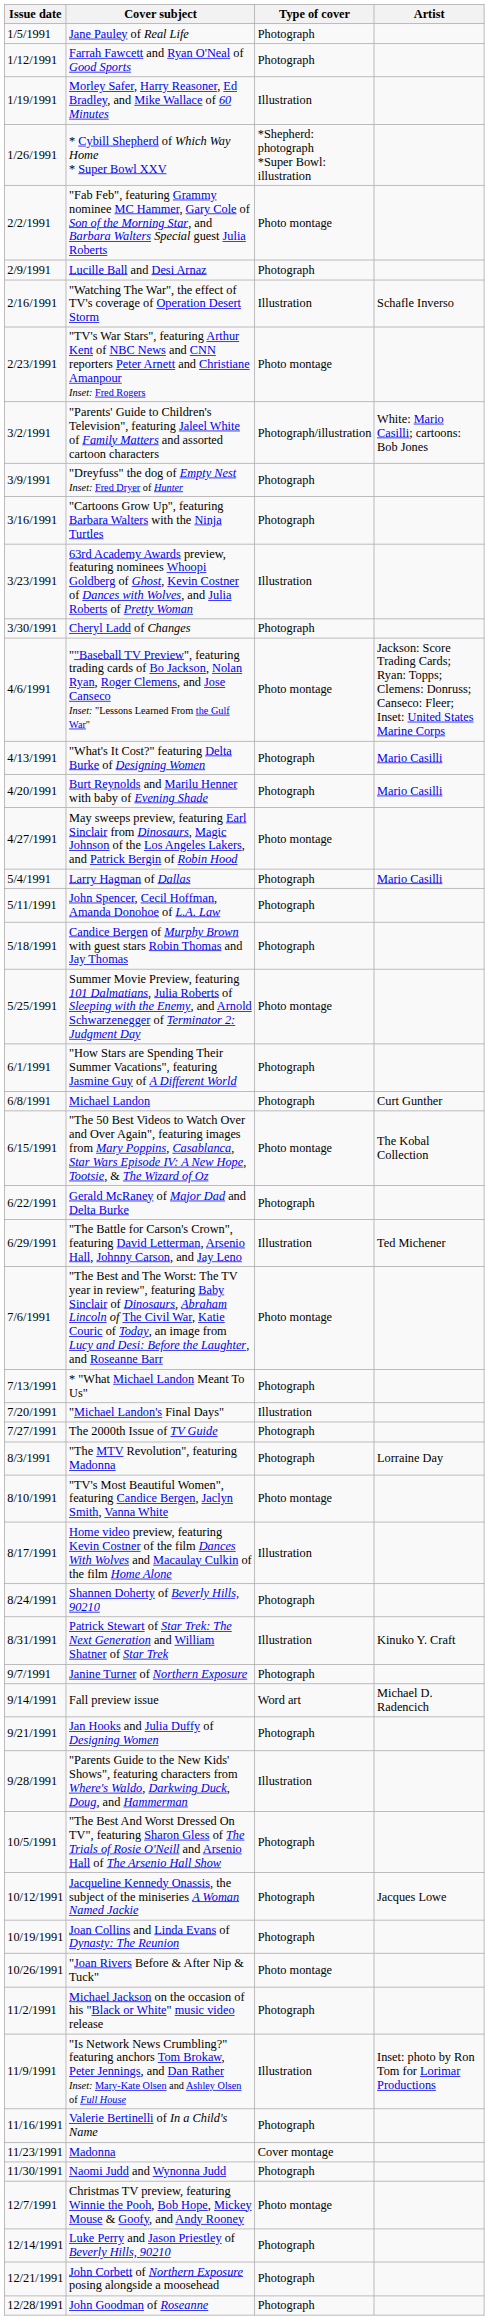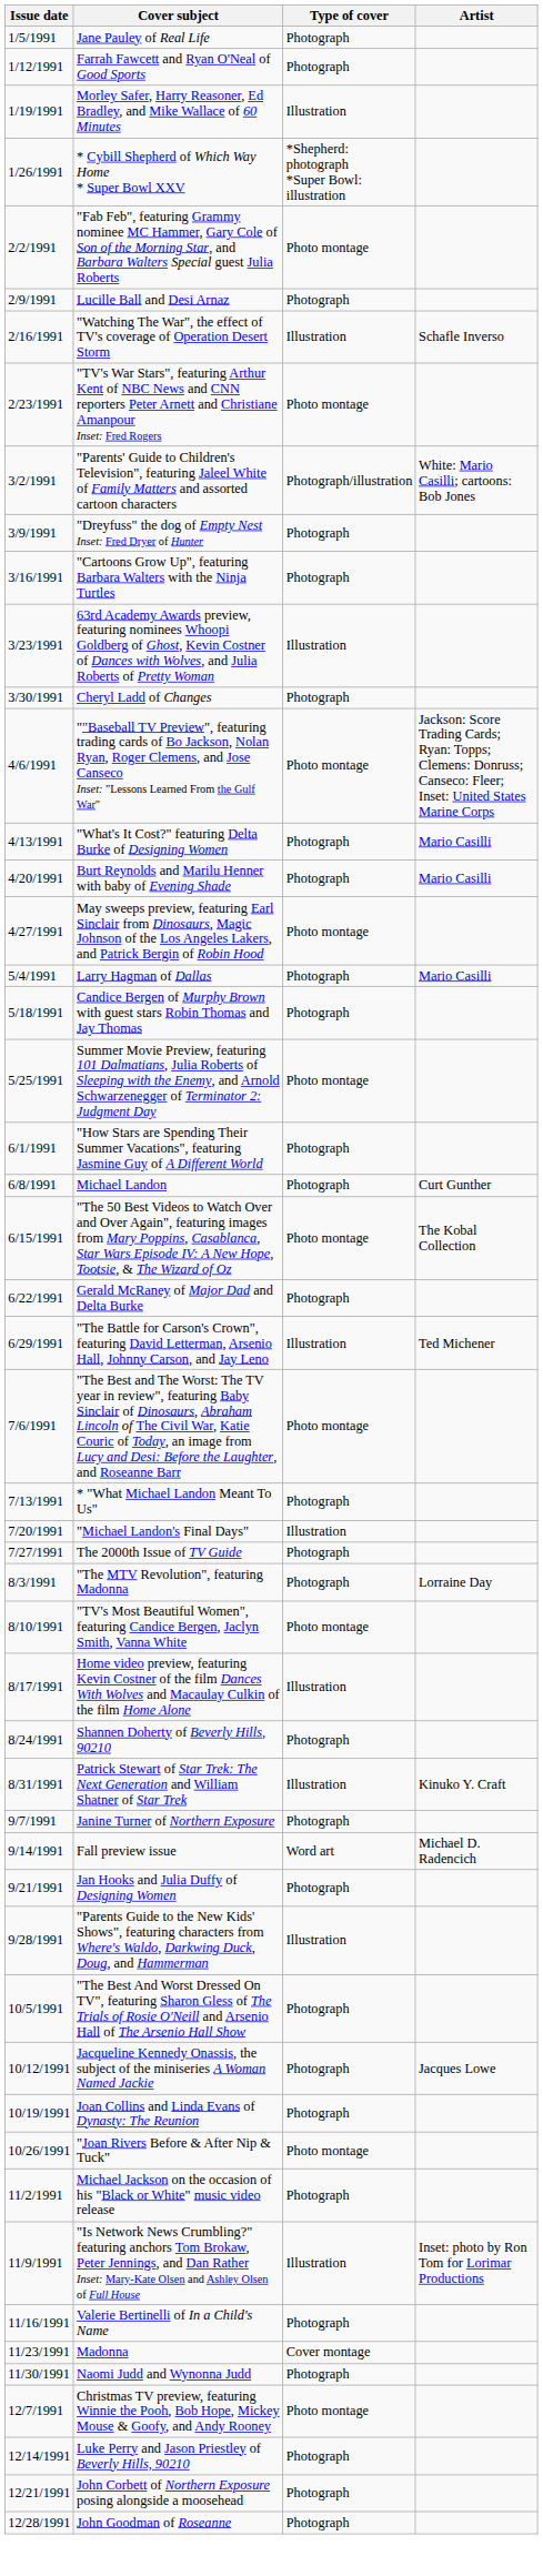 <table class="wikitable sortable" width=100% style="font-size:100%;">
 <tr>
 <th width=6%>Issue date</th>
 <th width=53%>Cover subject</th>
 <th width=12%>Type of cover</th>
 <th width=29%>Artist</th>
 </tr>
 <tr>
 <td>1/5/1991</td>
 <td><a href='#'>Jane Pauley</a> of <em>Real Life</em></td>
 <td>Photograph</td>
 <td></td>
 </tr>
 <tr>
 <td>1/12/1991</td>
 <td><a href='#'>Farrah Fawcett</a> and <a href='#'>Ryan O'Neal</a> of <em><a href='#'>Good Sports</a></em></td>
 <td>Photograph</td>
 <td></td>
 </tr>
 <tr>
 <td>1/19/1991</td>
 <td><a href='#'>Morley Safer</a>, <a href='#'>Harry Reasoner</a>, <a href='#'>Ed Bradley</a>, and <a href='#'>Mike Wallace</a> of <em><a href='#'>60 Minutes</a></em></td>
 <td>Illustration</td>
 <td></td>
 </tr>
 <tr>
 <td>1/26/1991</td>
 <td>* <a href='#'>Cybill Shepherd</a> of <em>Which Way Home</em><br>* <a href='#'>Super Bowl XXV</a></td>
 <td>*Shepherd: photograph<br>*Super Bowl: illustration</td>
 <td></td>
 </tr>
 <tr>
 <td>2/2/1991</td>
 <td>"Fab Feb", featuring <a href='#'>Grammy</a> nominee <a href='#'>MC Hammer</a>, <a href='#'>Gary Cole</a> of <em><a href='#'>Son of the Morning Star</a></em>, and <em><a href='#'>Barbara Walters</a> Special</em> guest <a href='#'>Julia Roberts</a></td>
 <td>Photo montage</td>
 <td></td>
 </tr>
 <tr>
 <td>2/9/1991</td>
 <td><a href='#'>Lucille Ball</a> and <a href='#'>Desi Arnaz</a></td>
 <td>Photograph</td>
 <td></td>
 </tr>
 <tr>
 <td>2/16/1991</td>
 <td>"Watching The War", the effect of TV's coverage of <a href='#'>Operation Desert Storm</a></td>
 <td>Illustration</td>
 <td>Schafle Inverso</td>
 </tr>
 <tr>
 <td>2/23/1991</td>
 <td>"TV's War Stars", featuring <a href='#'>Arthur Kent</a> of <a href='#'>NBC News</a> and <a href='#'>CNN</a> reporters <a href='#'>Peter Arnett</a> and <a href='#'>Christiane Amanpour</a><br><small><em>Inset:</em> <a href='#'>Fred Rogers</a></small></td>
 <td>Photo montage</td>
 </tr>
 <tr>
 <td>3/2/1991</td>
 <td>"Parents' Guide to Children's Television", featuring <a href='#'>Jaleel White</a> of <em><a href='#'>Family Matters</a></em> and assorted cartoon characters</td>
 <td>Photograph/illustration</td>
 <td>White: <a href='#'>Mario Casilli</a>; cartoons: Bob Jones</td>
 </tr>
 <tr>
 <td>3/9/1991</td>
 <td>"Dreyfuss" the dog of <em><a href='#'>Empty Nest</a></em><br><small><em>Inset:</em> <a href='#'>Fred Dryer</a> of <em><a href='#'>Hunter</a></em></small></td>
 <td>Photograph</td>
 <td></td>
 </tr>
 <tr>
 <td>3/16/1991</td>
 <td>"Cartoons Grow Up", featuring <a href='#'>Barbara Walters</a> with the <a href='#'>Ninja Turtles</a></td>
 <td>Photograph</td>
 <td></td>
 </tr>
 <tr>
 <td>3/23/1991</td>
 <td><a href='#'>63rd Academy Awards</a> preview, featuring nominees <a href='#'>Whoopi Goldberg</a> of <em><a href='#'>Ghost</a></em>, <a href='#'>Kevin Costner</a> of <em><a href='#'>Dances with Wolves</a></em>, and <a href='#'>Julia Roberts</a> of <em><a href='#'>Pretty Woman</a></em></td>
 <td>Illustration</td>
 <td></td>
 </tr>
 <tr>
 <td>3/30/1991</td>
 <td><a href='#'>Cheryl Ladd</a> of <em>Changes</em></td>
 <td>Photograph</td>
 <td></td>
 </tr>
 <tr>
 <td>4/6/1991</td>
 <td>"<a href='#'>"Baseball TV Preview</a>", featuring trading cards of <a href='#'>Bo Jackson</a>, <a href='#'>Nolan Ryan</a>, <a href='#'>Roger Clemens</a>, and <a href='#'>Jose Canseco</a><br><small><em>Inset:</em> "Lessons Learned From <a href='#'>the Gulf War</a>"</small></td>
 <td>Photo montage</td>
 <td>Jackson: Score Trading Cards; Ryan: Topps; Clemens: Donruss; Canseco: Fleer; Inset: <a href='#'>United States Marine Corps</a></td>
 </tr>
 <tr>
 <td>4/13/1991</td>
 <td>"What's It Cost?" featuring <a href='#'>Delta Burke</a> of <em><a href='#'>Designing Women</a></em></td>
 <td>Photograph</td>
 <td><a href='#'>Mario Casilli</a></td>
 </tr>
 <tr>
 <td>4/20/1991</td>
 <td><a href='#'>Burt Reynolds</a> and <a href='#'>Marilu Henner</a> with baby of <em><a href='#'>Evening Shade</a></em></td>
 <td>Photograph</td>
 <td><a href='#'>Mario Casilli</a></td>
 </tr>
 <tr>
 <td>4/27/1991</td>
 <td>May sweeps preview, featuring <a href='#'>Earl Sinclair</a> from <em><a href='#'>Dinosaurs</a></em>, <a href='#'>Magic Johnson</a> of the <a href='#'>Los Angeles Lakers</a>, and <a href='#'>Patrick Bergin</a> of <em><a href='#'>Robin Hood</a></em></td>
 <td>Photo montage</td>
 </tr>
 <tr>
 <td>5/4/1991</td>
 <td><a href='#'>Larry Hagman</a> of <em><a href='#'>Dallas</a></em></td>
 <td>Photograph</td>
 <td><a href='#'>Mario Casilli</a></td>
-</tr>
-<tr>
-<td>5/11/1991</td>
-<td><a href='#'>John Spencer</a>, <a href='#'>Cecil Hoffman</a>, <a href='#'>Amanda Donohoe</a> of <em><a href='#'>L.A. Law</a></em></td>
-<td>Photograph</td>
-<td></td>
 </tr>
 <tr>
 <td>5/18/1991</td>
 <td><a href='#'>Candice Bergen</a> of <em><a href='#'>Murphy Brown</a></em> with guest stars <a href='#'>Robin Thomas</a> and <a href='#'>Jay Thomas</a></td>
 <td>Photograph</td>
 <td></td>
 </tr>
 <tr>
 <td>5/25/1991</td>
 <td>Summer Movie Preview, featuring <em><a href='#'>101 Dalmatians</a></em>, <a href='#'>Julia Roberts</a> of <em><a href='#'>Sleeping with the Enemy</a></em>, and <a href='#'>Arnold Schwarzenegger</a> of <em><a href='#'>Terminator 2: Judgment Day</a></em></td>
 <td>Photo montage</td>
 <td></td>
 </tr>
 <tr>
 <td>6/1/1991</td>
 <td>"How Stars are Spending Their Summer Vacations", featuring <a href='#'>Jasmine Guy</a> of <em><a href='#'>A Different World</a></em></td>
 <td>Photograph</td>
 <td></td>
 </tr>
 <tr>
 <td>6/8/1991</td>
 <td><a href='#'>Michael Landon</a></td>
 <td>Photograph</td>
 <td>Curt Gunther</td>
 </tr>
 <tr>
 <td>6/15/1991</td>
 <td>"The 50 Best Videos to Watch Over and Over Again", featuring images from <em><a href='#'>Mary Poppins</a></em>, <em><a href='#'>Casablanca</a></em>, <em><a href='#'>Star Wars Episode IV: A New Hope</a></em>, <em><a href='#'>Tootsie</a></em>, & <em><a href='#'>The Wizard of Oz</a></em></td>
 <td>Photo montage</td>
 <td>The Kobal Collection</td>
 </tr>
 <tr>
 <td>6/22/1991</td>
 <td><a href='#'>Gerald McRaney</a> of <em><a href='#'>Major Dad</a></em> and <a href='#'>Delta Burke</a></td>
 <td>Photograph</td>
 <td></td>
 </tr>
 <tr>
 <td>6/29/1991</td>
 <td>"The Battle for Carson's Crown", featuring <a href='#'>David Letterman</a>, <a href='#'>Arsenio Hall</a>, <a href='#'>Johnny Carson</a>, and <a href='#'>Jay Leno</a></td>
 <td>Illustration</td>
 <td>Ted Michener</td>
 </tr>
 <tr>
 <td>7/6/1991</td>
 <td>"The Best and The Worst: The TV year in review", featuring <a href='#'>Baby Sinclair</a> of <em><a href='#'>Dinosaurs</a>, <a href='#'>Abraham Lincoln</a> of </em><a href='#'>The Civil War</a>, <a href='#'>Katie Couric</a> of <em><a href='#'>Today</a></em>, an image from <em><a href='#'>Lucy and Desi: Before the Laughter</a></em>, and <a href='#'>Roseanne Barr</a></td>
 <td>Photo montage</td>
 <td></td>
 </tr>
 <tr>
 <td>7/13/1991</td>
 <td>* "What <a href='#'>Michael Landon</a> Meant To Us"</td>
 <td>Photograph</td>
 <td></td>
 </tr>
 <tr>
 <td>7/20/1991</td>
 <td>"<a href='#'>Michael Landon's</a> Final Days"</td>
 <td>Illustration</td>
 <td></td>
 </tr>
 <tr>
 <td>7/27/1991</td>
 <td>The 2000th Issue of <em><a href='#'>TV Guide</a></em></td>
 <td>Photograph</td>
 <td></td>
 </tr>
 <tr>
 <td>8/3/1991</td>
 <td>"The <a href='#'>MTV</a> Revolution", featuring <a href='#'>Madonna</a></td>
 <td>Photograph</td>
 <td>Lorraine Day</td>
 </tr>
 <tr>
 <td>8/10/1991</td>
 <td>"TV's Most Beautiful Women", featuring <a href='#'>Candice Bergen</a>, <a href='#'>Jaclyn Smith</a>, <a href='#'>Vanna White</a></td>
 <td>Photo montage</td>
 <td></td>
 </tr>
 <tr>
 <td>8/17/1991</td>
 <td><a href='#'>Home video</a> preview, featuring <a href='#'>Kevin Costner</a> of the film <em><a href='#'>Dances With Wolves</a></em> and <a href='#'>Macaulay Culkin</a> of the film <em><a href='#'>Home Alone</a></em></td>
 <td>Illustration</td>
 <td></td>
 </tr>
 <tr>
 <td>8/24/1991</td>
 <td><a href='#'>Shannen Doherty</a> of <em><a href='#'>Beverly Hills, 90210</a></em></td>
 <td>Photograph</td>
 <td></td>
 </tr>
 <tr>
 <td>8/31/1991</td>
 <td><a href='#'>Patrick Stewart</a> of <em><a href='#'>Star Trek: The Next Generation</a></em> and <a href='#'>William Shatner</a> of <em><a href='#'>Star Trek</a></em></td>
 <td>Illustration</td>
 <td>Kinuko Y. Craft</td>
 </tr>
 <tr>
 <td>9/7/1991</td>
 <td><a href='#'>Janine Turner</a> of <em><a href='#'>Northern Exposure</a></em></td>
 <td>Photograph</td>
 <td></td>
 </tr>
 <tr>
 <td>9/14/1991</td>
 <td>Fall preview issue</td>
 <td>Word art</td>
 <td>Michael D. Radencich</td>
 </tr>
 <tr>
 <td>9/21/1991</td>
 <td><a href='#'>Jan Hooks</a> and <a href='#'>Julia Duffy</a> of <em><a href='#'>Designing Women</a></em></td>
 <td>Photograph</td>
 <td></td>
 </tr>
 <tr>
 <td>9/28/1991</td>
 <td>"Parents Guide to the New Kids' Shows", featuring characters from <em><a href='#'>Where's Waldo</a></em>, <em><a href='#'>Darkwing Duck</a></em>, <em><a href='#'>Doug</a></em>, and <em><a href='#'>Hammerman</a></em></td>
 <td>Illustration</td>
 <td></td>
 </tr>
 <tr>
 <td>10/5/1991</td>
 <td>"The Best And Worst Dressed On TV", featuring <a href='#'>Sharon Gless</a> of <em><a href='#'>The Trials of Rosie O'Neill</a></em> and <a href='#'>Arsenio Hall</a> of <em><a href='#'>The Arsenio Hall Show</a></em></td>
 <td>Photograph</td>
 <td></td>
 </tr>
 <tr>
 <td>10/12/1991</td>
 <td><a href='#'>Jacqueline Kennedy Onassis</a>, the subject of the miniseries <em><a href='#'>A Woman Named Jackie</a></em></td>
 <td>Photograph</td>
 <td>Jacques Lowe</td>
 </tr>
 <tr>
 <td>10/19/1991</td>
 <td><a href='#'>Joan Collins</a> and <a href='#'>Linda Evans</a> of <em><a href='#'>Dynasty: The Reunion</a></em></td>
 <td>Photograph</td>
 <td></td>
 </tr>
 <tr>
 <td>10/26/1991</td>
 <td>"<a href='#'>Joan Rivers</a> Before & After Nip & Tuck"</td>
 <td>Photo montage</td>
 <td></td>
 </tr>
 <tr>
 <td>11/2/1991</td>
 <td><a href='#'>Michael Jackson</a> on the occasion of his "<a href='#'>Black or White</a>" <a href='#'>music video</a> release</td>
 <td>Photograph</td>
 <td></td>
 </tr>
 <tr>
 <td>11/9/1991</td>
 <td>"Is Network News Crumbling?" featuring anchors <a href='#'>Tom Brokaw</a>, <a href='#'>Peter Jennings</a>, and <a href='#'>Dan Rather</a><br><small><em>Inset:</em> <a href='#'>Mary-Kate Olsen</a> and <a href='#'>Ashley Olsen</a> of <em><a href='#'>Full House</a></em></small></td>
 <td>Illustration</td>
 <td>Inset: photo by Ron Tom for <a href='#'>Lorimar Productions</a></td>
 </tr>
 <tr>
 <td>11/16/1991</td>
 <td><a href='#'>Valerie Bertinelli</a> of <em>In a Child's Name</em></td>
 <td>Photograph</td>
 <td></td>
 </tr>
 <tr>
 <td>11/23/1991</td>
 <td><a href='#'>Madonna</a></td>
 <td>Cover montage</td>
 <td></td>
 </tr>
 <tr>
 <td>11/30/1991</td>
 <td><a href='#'>Naomi Judd</a> and <a href='#'>Wynonna Judd</a></td>
 <td>Photograph</td>
 <td></td>
 </tr>
 <tr>
 <td>12/7/1991</td>
 <td>Christmas TV preview, featuring <a href='#'>Winnie the Pooh</a>, <a href='#'>Bob Hope</a>, <a href='#'>Mickey Mouse</a> & <a href='#'>Goofy</a>, and <a href='#'>Andy Rooney</a></td>
 <td>Photo montage</td>
 <td></td>
 </tr>
 <tr>
 <td>12/14/1991</td>
 <td><a href='#'>Luke Perry</a> and <a href='#'>Jason Priestley</a> of <em><a href='#'>Beverly Hills, 90210</a></em></td>
 <td>Photograph</td>
 <td></td>
 </tr>
 <tr>
 <td>12/21/1991</td>
 <td><a href='#'>John Corbett</a> of <em><a href='#'>Northern Exposure</a></em> posing alongside a moosehead</td>
 <td>Photograph</td>
 <td></td>
 </tr>
 <tr>
 <td>12/28/1991</td>
 <td><a href='#'>John Goodman</a> of <em><a href='#'>Roseanne</a></em></td>
 <td>Photograph</td>
 <td></td>
 </tr>
 </table>
